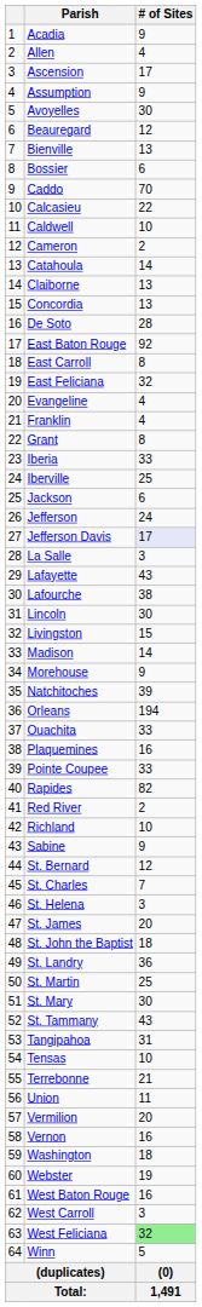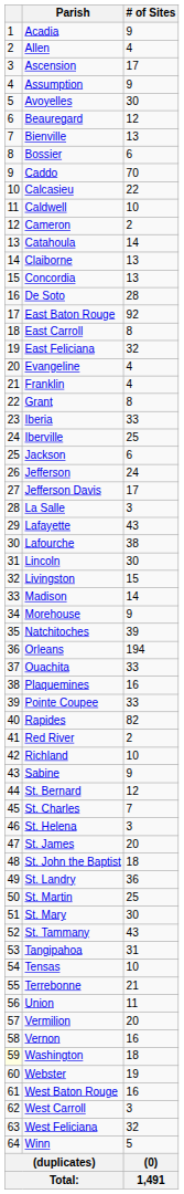 <table class="wikitable sortable">
 <tr>
 <th></th>
 <th><strong>Parish</strong></th>
 <th><strong># of Sites</strong></th>
 </tr>
 <tr ->
 <td>1</td>
 <td><a href='#'>Acadia</a></td>
 <td>9</td>
 </tr>
 <tr ->
 <td>2</td>
 <td><a href='#'>Allen</a></td>
 <td>4</td>
 </tr>
 <tr ->
 <td>3</td>
 <td><a href='#'>Ascension</a></td>
 <td>17</td>
 </tr>
 <tr ->
 <td>4</td>
 <td><a href='#'>Assumption</a></td>
 <td>9</td>
 </tr>
 <tr ->
 <td>5</td>
 <td><a href='#'>Avoyelles</a></td>
 <td>30</td>
 </tr>
 <tr ->
 <td>6</td>
 <td><a href='#'>Beauregard</a></td>
 <td>12</td>
 </tr>
 <tr ->
 <td>7</td>
 <td><a href='#'>Bienville</a></td>
 <td>13</td>
 </tr>
 <tr ->
 <td>8</td>
 <td><a href='#'>Bossier</a></td>
 <td>6</td>
 </tr>
 <tr ->
 <td>9</td>
 <td><a href='#'>Caddo</a></td>
 <td>70</td>
 </tr>
 <tr ->
 <td>10</td>
 <td><a href='#'>Calcasieu</a></td>
 <td>22</td>
 </tr>
 <tr ->
 <td>11</td>
 <td><a href='#'>Caldwell</a></td>
 <td>10</td>
 </tr>
 <tr ->
 <td>12</td>
 <td><a href='#'>Cameron</a></td>
 <td>2</td>
 </tr>
 <tr ->
 <td>13</td>
 <td><a href='#'>Catahoula</a></td>
 <td>14</td>
 </tr>
 <tr ->
 <td>14</td>
 <td><a href='#'>Claiborne</a></td>
 <td>13</td>
 </tr>
 <tr ->
 <td>15</td>
 <td><a href='#'>Concordia</a></td>
 <td>13</td>
 </tr>
 <tr ->
 <td>16</td>
 <td><a href='#'>De Soto</a></td>
 <td>28</td>
 </tr>
 <tr ->
 <td>17</td>
 <td><a href='#'>East Baton Rouge</a></td>
 <td>92</td>
 </tr>
 <tr ->
 <td>18</td>
 <td><a href='#'>East Carroll</a></td>
 <td>8</td>
 </tr>
 <tr ->
 <td>19</td>
 <td><a href='#'>East Feliciana</a></td>
 <td>32</td>
 </tr>
 <tr ->
 <td>20</td>
 <td><a href='#'>Evangeline</a></td>
 <td>4</td>
 </tr>
 <tr ->
 <td>21</td>
 <td><a href='#'>Franklin</a></td>
 <td>4</td>
 </tr>
 <tr ->
 <td>22</td>
 <td><a href='#'>Grant</a></td>
 <td>8</td>
 </tr>
 <tr ->
 <td>23</td>
 <td><a href='#'>Iberia</a></td>
 <td>33</td>
 </tr>
 <tr ->
 <td>24</td>
 <td><a href='#'>Iberville</a></td>
 <td>25</td>
 </tr>
 <tr ->
 <td>25</td>
 <td><a href='#'>Jackson</a></td>
 <td>6</td>
 </tr>
 <tr ->
 <td>26</td>
 <td><a href='#'>Jefferson</a></td>
 <td>24</td>
 </tr>
 <tr ->
 <td>27</td>
 <td><a href='#'>Jefferson Davis</a></td>
-<td style="background: lavender;">17</td>
+<td>17</td>
 </tr>
 <tr ->
 <td>28</td>
 <td><a href='#'>La Salle</a></td>
 <td>3</td>
 </tr>
 <tr ->
 <td>29</td>
 <td><a href='#'>Lafayette</a></td>
 <td>43</td>
 </tr>
 <tr ->
 <td>30</td>
 <td><a href='#'>Lafourche</a></td>
 <td>38</td>
 </tr>
 <tr ->
 <td>31</td>
 <td><a href='#'>Lincoln</a></td>
 <td>30</td>
 </tr>
 <tr ->
 <td>32</td>
 <td><a href='#'>Livingston</a></td>
 <td>15</td>
 </tr>
 <tr ->
 <td>33</td>
 <td><a href='#'>Madison</a></td>
 <td>14</td>
 </tr>
 <tr ->
 <td>34</td>
 <td><a href='#'>Morehouse</a></td>
 <td>9</td>
 </tr>
 <tr ->
 <td>35</td>
 <td><a href='#'>Natchitoches</a></td>
 <td>39</td>
 </tr>
 <tr ->
 <td>36</td>
 <td><a href='#'>Orleans</a></td>
 <td>194</td>
 </tr>
 <tr ->
 <td>37</td>
 <td><a href='#'>Ouachita</a></td>
 <td>33</td>
 </tr>
 <tr ->
 <td>38</td>
 <td><a href='#'>Plaquemines</a></td>
 <td>16</td>
 </tr>
 <tr ->
 <td>39</td>
 <td><a href='#'>Pointe Coupee</a></td>
 <td>33</td>
 </tr>
 <tr ->
 <td>40</td>
 <td><a href='#'>Rapides</a></td>
 <td>82</td>
 </tr>
 <tr ->
 <td>41</td>
 <td><a href='#'>Red River</a></td>
 <td>2</td>
 </tr>
 <tr ->
 <td>42</td>
 <td><a href='#'>Richland</a></td>
 <td>10</td>
 </tr>
 <tr ->
 <td>43</td>
 <td><a href='#'>Sabine</a></td>
 <td>9</td>
 </tr>
 <tr ->
 <td>44</td>
 <td><a href='#'>St. Bernard</a></td>
 <td>12</td>
 </tr>
 <tr ->
 <td>45</td>
 <td><a href='#'>St. Charles</a></td>
 <td>7</td>
 </tr>
 <tr ->
 <td>46</td>
 <td><a href='#'>St. Helena</a></td>
 <td>3</td>
 </tr>
 <tr ->
 <td>47</td>
 <td><a href='#'>St. James</a></td>
 <td>20</td>
 </tr>
 <tr ->
 <td>48</td>
 <td><a href='#'>St. John the Baptist</a></td>
 <td>18</td>
 </tr>
 <tr ->
 <td>49</td>
 <td><a href='#'>St. Landry</a></td>
 <td>36</td>
 </tr>
 <tr ->
 <td>50</td>
 <td><a href='#'>St. Martin</a></td>
 <td>25</td>
 </tr>
 <tr ->
 <td>51</td>
 <td><a href='#'>St. Mary</a></td>
 <td>30</td>
 </tr>
 <tr ->
 <td>52</td>
 <td><a href='#'>St. Tammany</a></td>
 <td>43</td>
 </tr>
 <tr ->
 <td>53</td>
 <td><a href='#'>Tangipahoa</a></td>
 <td>31</td>
 </tr>
 <tr ->
 <td>54</td>
 <td><a href='#'>Tensas</a></td>
 <td>10</td>
 </tr>
 <tr ->
 <td>55</td>
 <td><a href='#'>Terrebonne</a></td>
 <td>21</td>
 </tr>
 <tr ->
 <td>56</td>
 <td><a href='#'>Union</a></td>
 <td>11</td>
 </tr>
 <tr ->
 <td>57</td>
 <td><a href='#'>Vermilion</a></td>
 <td>20</td>
 </tr>
 <tr ->
 <td>58</td>
 <td><a href='#'>Vernon</a></td>
 <td>16</td>
 </tr>
 <tr ->
-<td>59</td>
+<td style="background: lightyellow;">59</td>
 <td><a href='#'>Washington</a></td>
 <td>18</td>
 </tr>
 <tr ->
 <td>60</td>
 <td><a href='#'>Webster</a></td>
 <td>19</td>
 </tr>
 <tr ->
 <td>61</td>
 <td><a href='#'>West Baton Rouge</a></td>
 <td>16</td>
 </tr>
 <tr ->
 <td>62</td>
 <td><a href='#'>West Carroll</a></td>
 <td>3</td>
 </tr>
 <tr ->
 <td>63</td>
 <td><a href='#'>West Feliciana</a></td>
-<td style="background: lightgreen;">32</td>
+<td>32</td>
 </tr>
 <tr ->
 <td>64</td>
 <td><a href='#'>Winn</a></td>
 <td>5</td>
 </tr>
 <tr class="sortbottom">
 <th colspan="2">(duplicates)</th>
 <th>(0)</th>
 </tr>
 <tr class="sortbottom">
 <th colspan=2>Total:</th>
 <th>1,491</th>
 </tr>
 </table>
